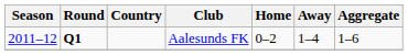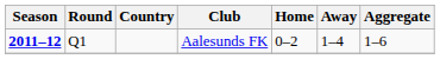 <table class="wikitable">
 <tr>
 <th>Season</th>
 <th>Round</th>
 <th>Country</th>
 <th>Club</th>
 <th>Home</th>
 <th>Away</th>
 <th>Aggregate</th>
 </tr>
 <tr>
-<td><a href='#'>2011–12</a></td>
-<td><strong>Q1</strong></td>
+<td><strong><a href='#'>2011–12</a></strong></td>
+<td>Q1</td>
 <td align=center></td>
 <td><a href='#'>Aalesunds FK</a></td>
 <td>0–2</td>
 <td>1–4</td>
 <td>1–6</td>
 </tr>
 <tr>
 </tr>
 </table>
